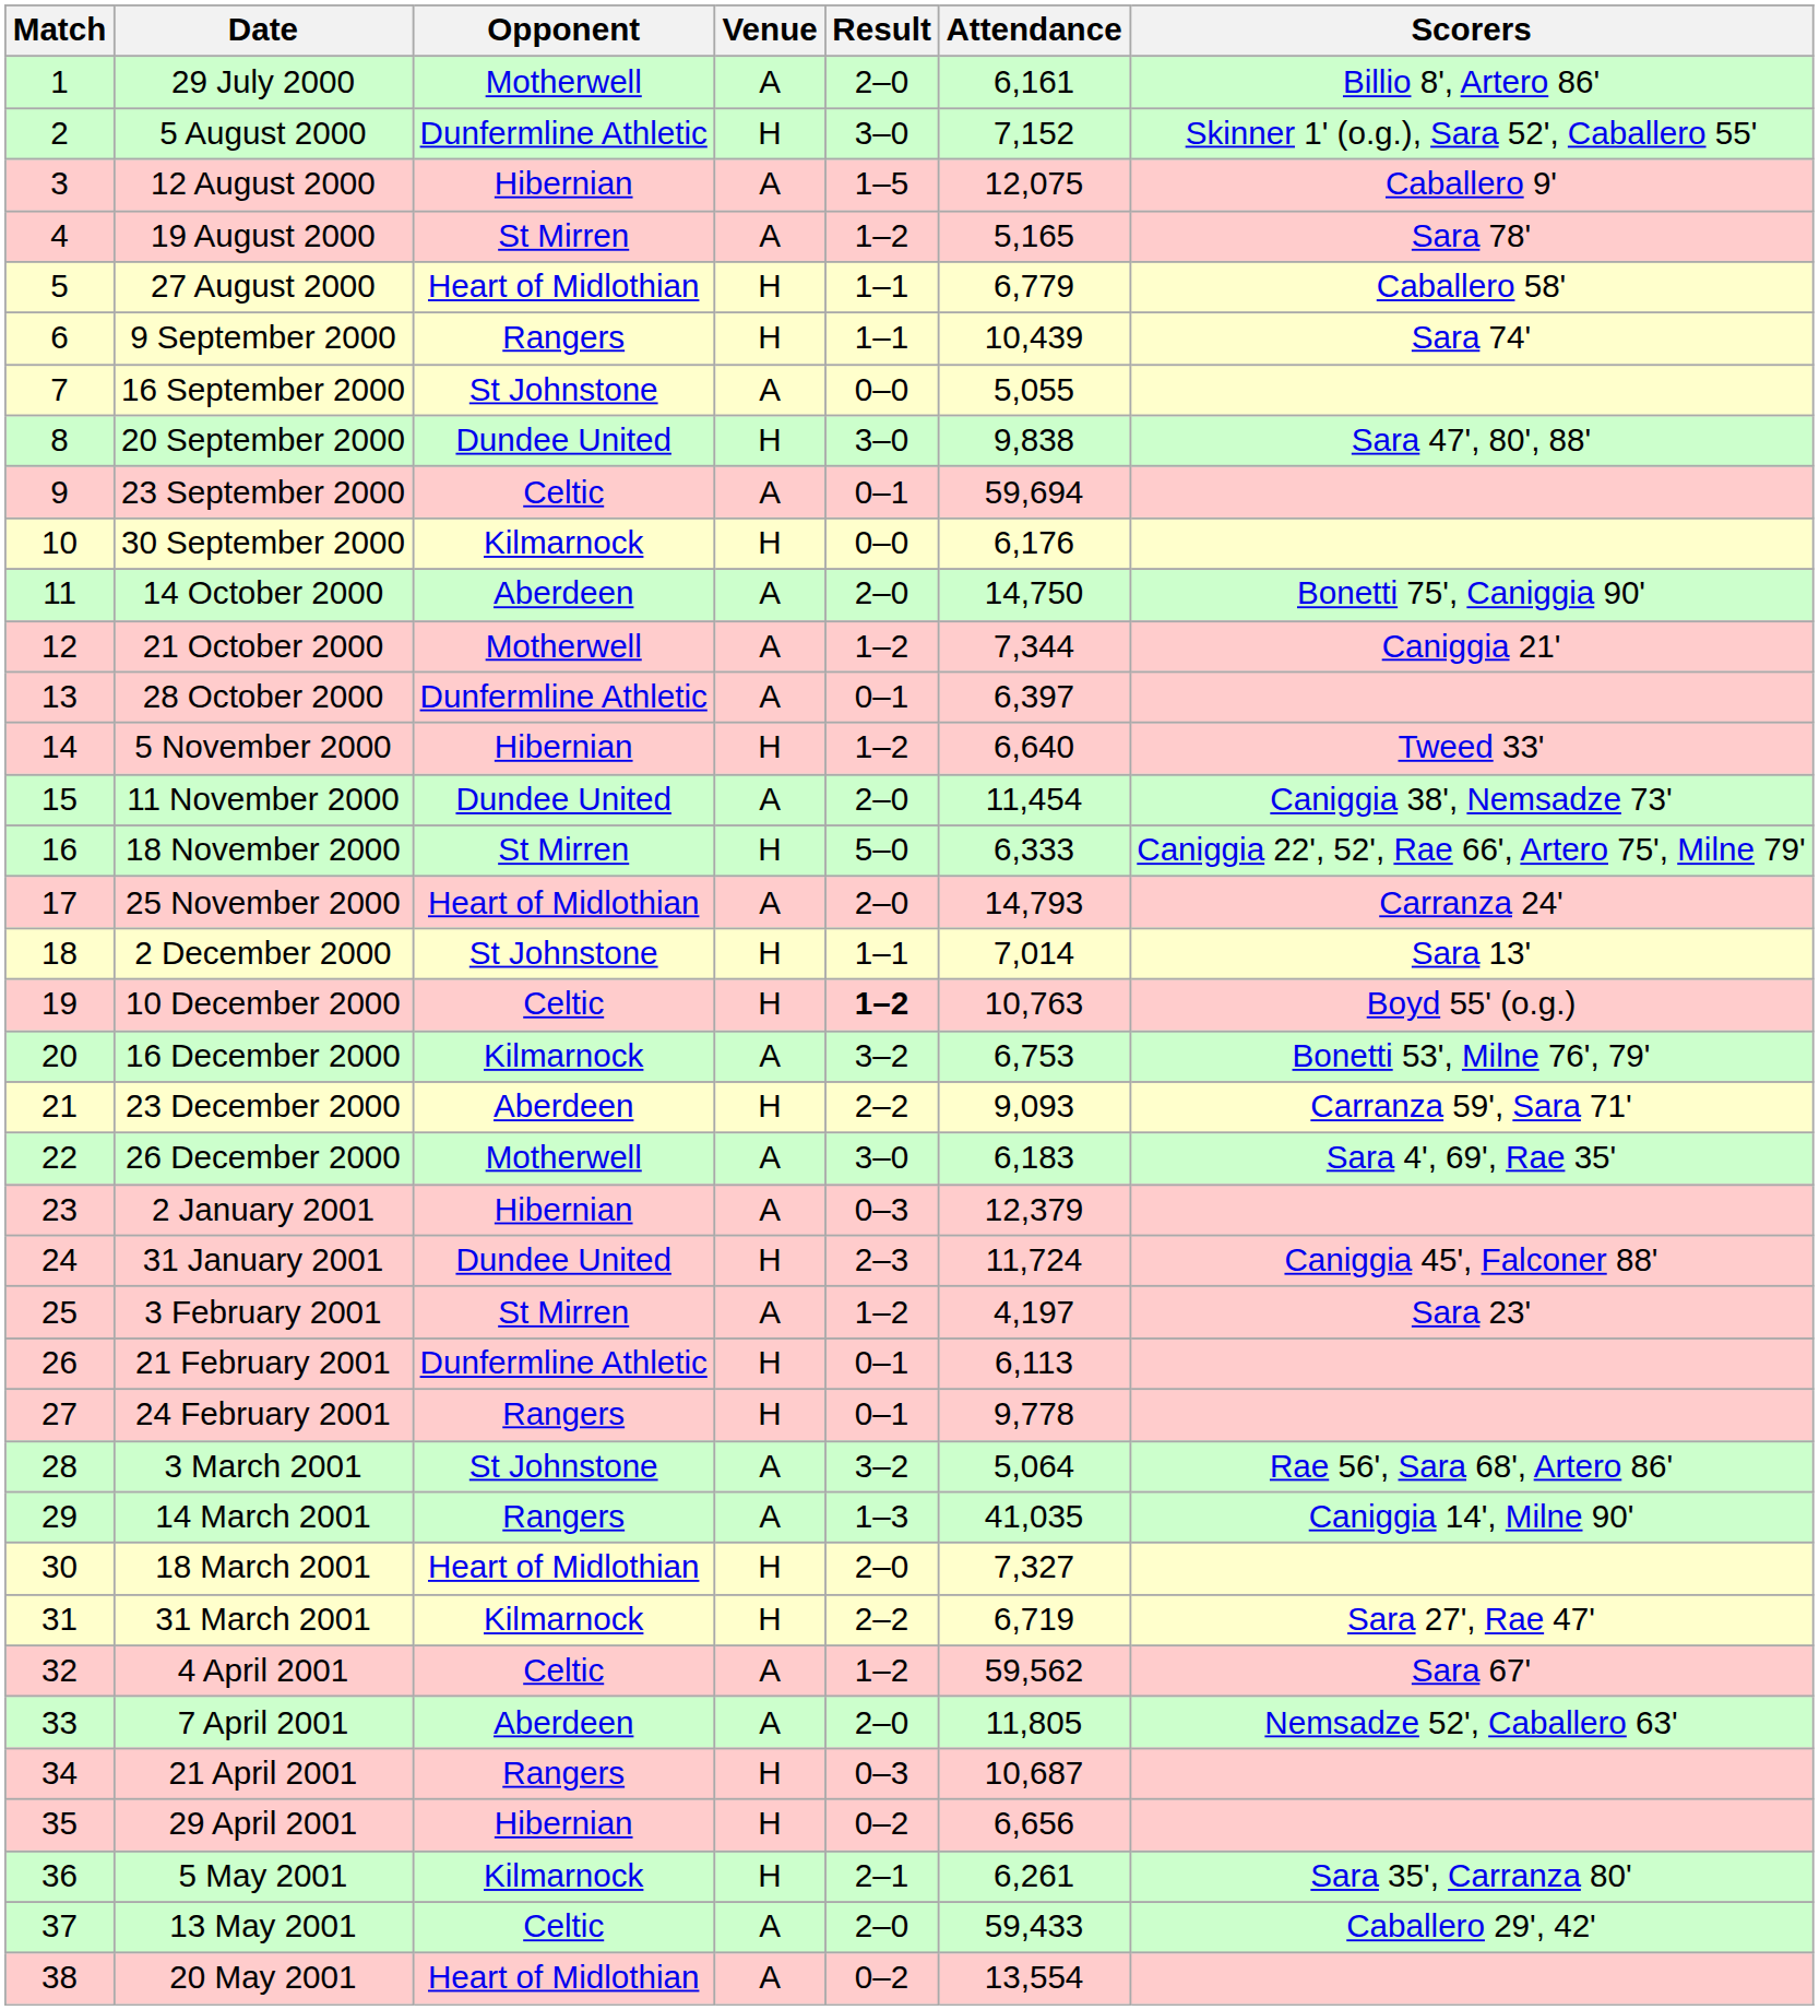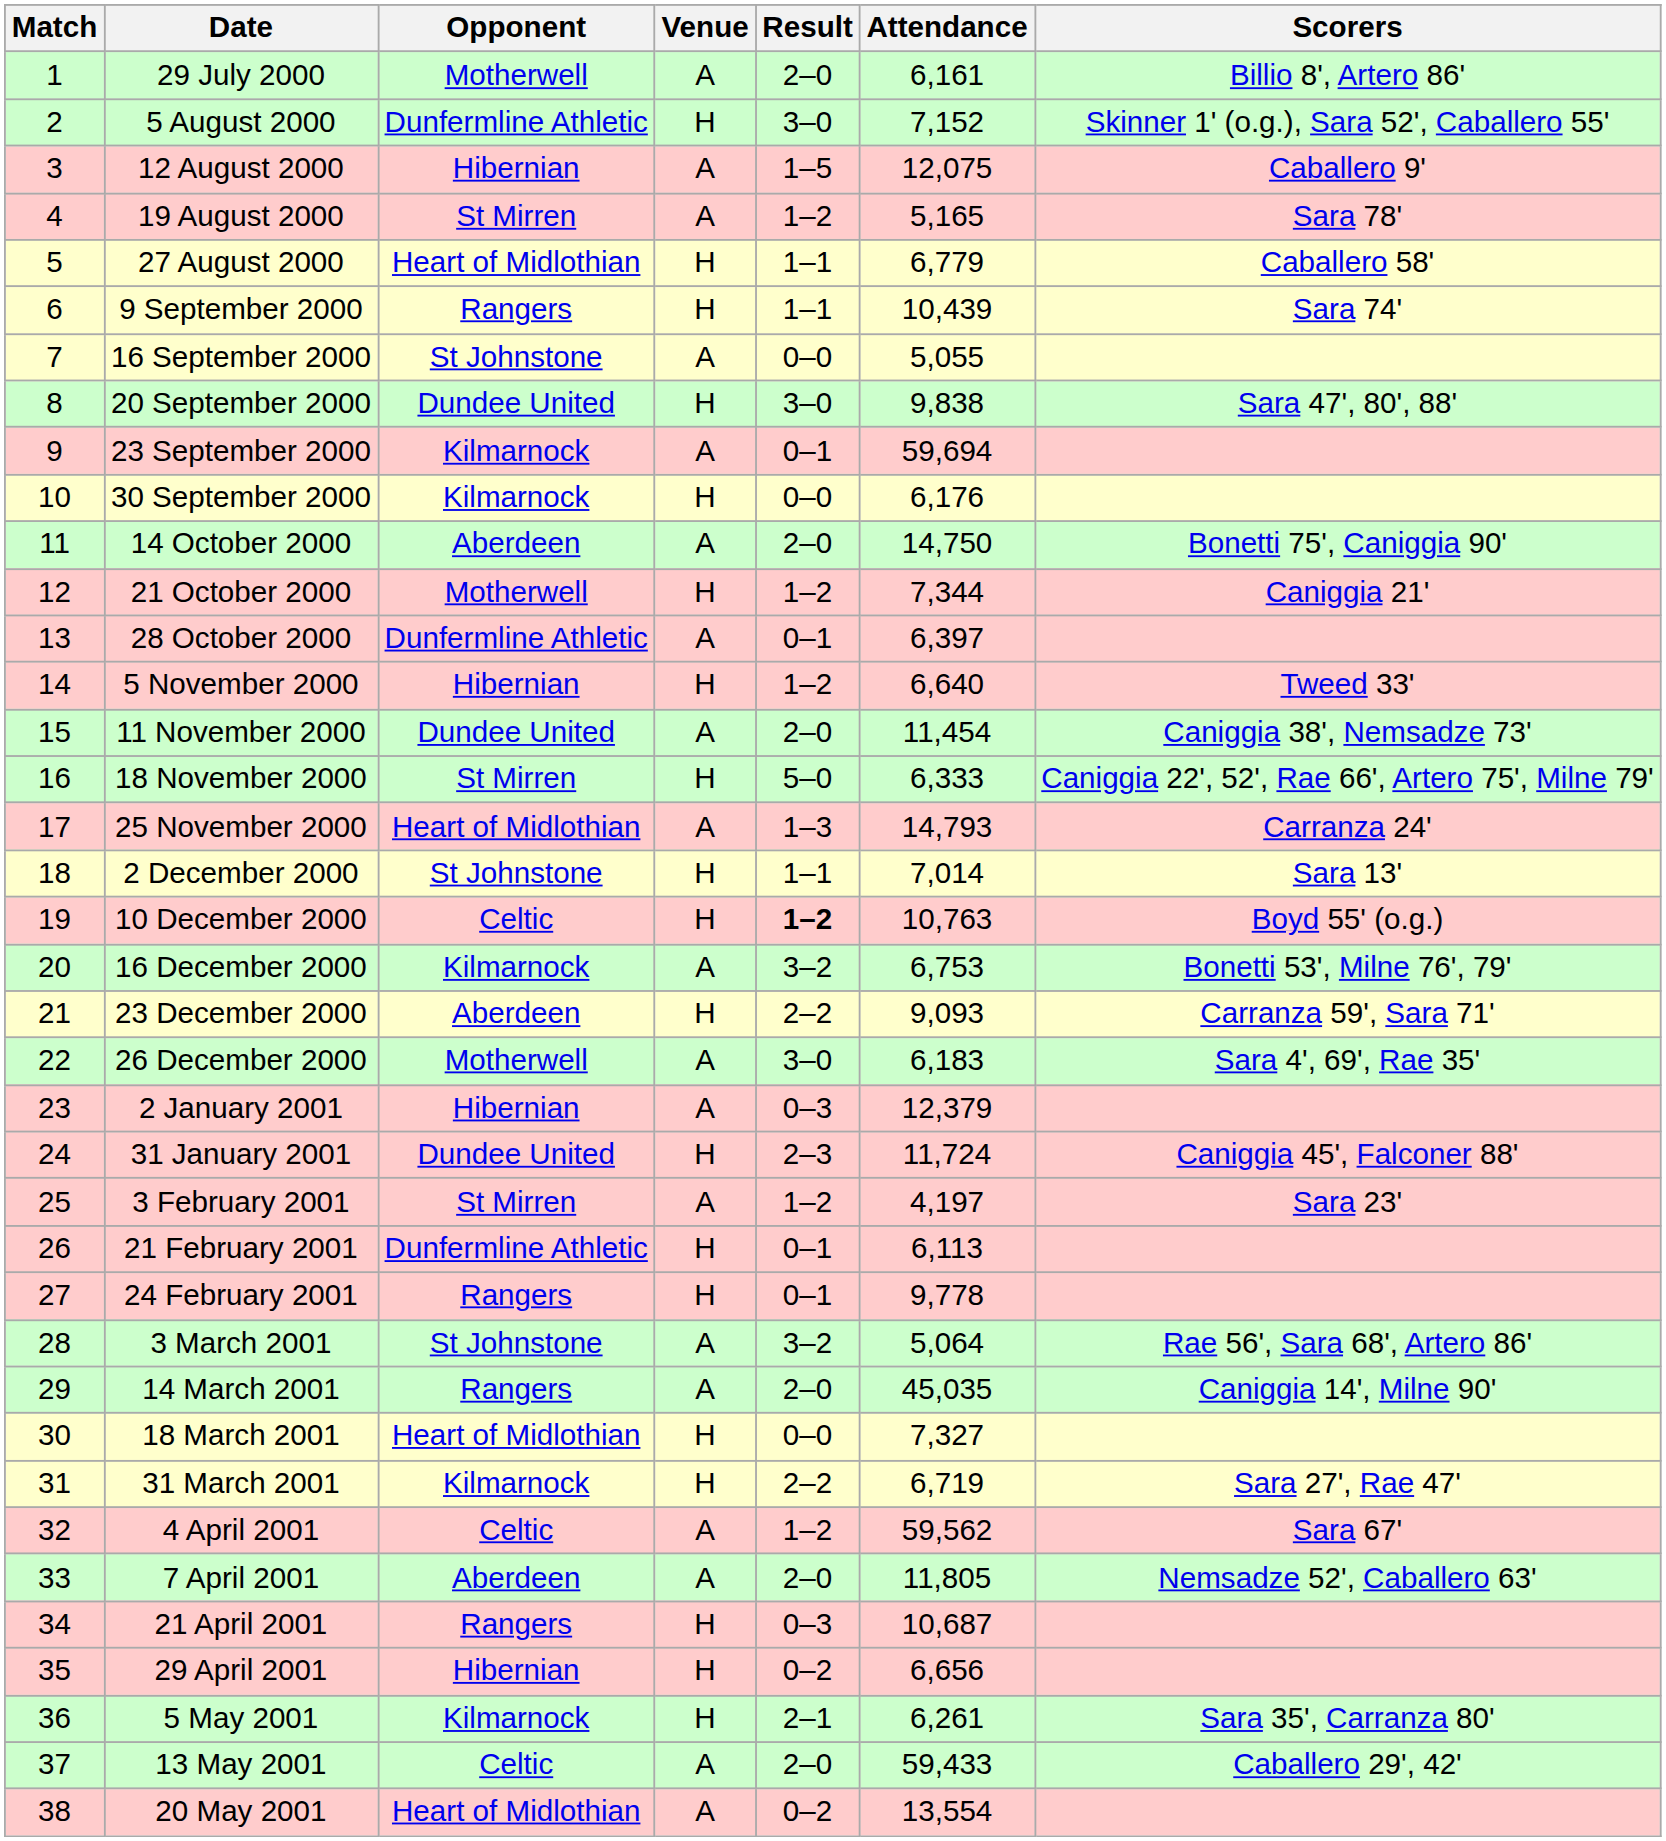 <table class="wikitable" style="font-size:100%; text-align:center">
 <tr>
 <th>Match</th>
 <th>Date</th>
 <th>Opponent</th>
 <th>Venue</th>
 <th>Result</th>
 <th>Attendance</th>
 <th>Scorers</th>
 </tr>
 <tr style="background: #CCFFCC;">
 <td>1</td>
 <td>29 July 2000</td>
 <td><a href='#'>Motherwell</a></td>
 <td>A</td>
 <td>2–0</td>
 <td>6,161</td>
 <td><a href='#'>Billio</a> 8', <a href='#'>Artero</a> 86'</td>
 </tr>
 <tr style="background: #CCFFCC;">
 <td>2</td>
 <td>5 August 2000</td>
 <td><a href='#'>Dunfermline Athletic</a></td>
 <td>H</td>
 <td>3–0</td>
 <td>7,152</td>
 <td><a href='#'>Skinner</a> 1' (o.g.), <a href='#'>Sara</a> 52', <a href='#'>Caballero</a> 55'</td>
 </tr>
 <tr style="background: #FFCCCC;">
 <td>3</td>
 <td>12 August 2000</td>
 <td><a href='#'>Hibernian</a></td>
 <td>A</td>
 <td>1–5</td>
 <td>12,075</td>
 <td><a href='#'>Caballero</a> 9'</td>
 </tr>
 <tr style="background: #FFCCCC;">
 <td>4</td>
 <td>19 August 2000</td>
 <td><a href='#'>St Mirren</a></td>
 <td>A</td>
 <td>1–2</td>
 <td>5,165</td>
 <td><a href='#'>Sara</a> 78'</td>
 </tr>
 <tr style="background: #FFFFCC;">
 <td>5</td>
 <td>27 August 2000</td>
 <td><a href='#'>Heart of Midlothian</a></td>
 <td>H</td>
 <td>1–1</td>
 <td>6,779</td>
 <td><a href='#'>Caballero</a> 58'</td>
 </tr>
 <tr style="background: #FFFFCC;">
 <td>6</td>
 <td>9 September 2000</td>
 <td><a href='#'>Rangers</a></td>
 <td>H</td>
 <td>1–1</td>
 <td>10,439</td>
 <td><a href='#'>Sara</a> 74'</td>
 </tr>
 <tr style="background: #FFFFCC;">
 <td>7</td>
 <td>16 September 2000</td>
 <td><a href='#'>St Johnstone</a></td>
 <td>A</td>
 <td>0–0</td>
 <td>5,055</td>
 <td></td>
 </tr>
 <tr style="background: #CCFFCC;">
 <td>8</td>
 <td>20 September 2000</td>
 <td><a href='#'>Dundee United</a></td>
 <td>H</td>
 <td>3–0</td>
 <td>9,838</td>
 <td><a href='#'>Sara</a> 47', 80', 88'</td>
 </tr>
 <tr style="background: #FFCCCC;">
 <td>9</td>
 <td>23 September 2000</td>
-<td><a href='#'>Celtic</a></td>
+<td><a href='#'>Kilmarnock</a></td>
 <td>A</td>
 <td>0–1</td>
 <td>59,694</td>
 <td></td>
 </tr>
 <tr style="background: #FFFFCC;">
 <td>10</td>
 <td>30 September 2000</td>
 <td><a href='#'>Kilmarnock</a></td>
 <td>H</td>
 <td>0–0</td>
 <td>6,176</td>
 <td></td>
 </tr>
 <tr style="background: #CCFFCC;">
 <td>11</td>
 <td>14 October 2000</td>
 <td><a href='#'>Aberdeen</a></td>
 <td>A</td>
 <td>2–0</td>
 <td>14,750</td>
 <td><a href='#'>Bonetti</a> 75', <a href='#'>Caniggia</a> 90'</td>
 </tr>
 <tr style="background: #FFCCCC;">
 <td>12</td>
 <td>21 October 2000</td>
 <td><a href='#'>Motherwell</a></td>
-<td>A</td>
+<td>H</td>
 <td>1–2</td>
 <td>7,344</td>
 <td><a href='#'>Caniggia</a> 21'</td>
 </tr>
 <tr style="background: #FFCCCC;">
 <td>13</td>
 <td>28 October 2000</td>
 <td><a href='#'>Dunfermline Athletic</a></td>
 <td>A</td>
 <td>0–1</td>
 <td>6,397</td>
 <td></td>
 </tr>
 <tr style="background: #FFCCCC;">
 <td>14</td>
 <td>5 November 2000</td>
 <td><a href='#'>Hibernian</a></td>
 <td>H</td>
 <td>1–2</td>
 <td>6,640</td>
 <td><a href='#'>Tweed</a> 33'</td>
 </tr>
 <tr style="background: #CCFFCC;">
 <td>15</td>
 <td>11 November 2000</td>
 <td><a href='#'>Dundee United</a></td>
 <td>A</td>
 <td>2–0</td>
 <td>11,454</td>
 <td><a href='#'>Caniggia</a> 38', <a href='#'>Nemsadze</a> 73'</td>
 </tr>
 <tr style="background: #CCFFCC;">
 <td>16</td>
 <td>18 November 2000</td>
 <td><a href='#'>St Mirren</a></td>
 <td>H</td>
 <td>5–0</td>
 <td>6,333</td>
 <td><a href='#'>Caniggia</a> 22', 52', <a href='#'>Rae</a> 66', <a href='#'>Artero</a> 75', <a href='#'>Milne</a> 79'</td>
 </tr>
 <tr style="background: #FFCCCC;">
 <td>17</td>
 <td>25 November 2000</td>
 <td><a href='#'>Heart of Midlothian</a></td>
 <td>A</td>
-<td>2–0</td>
+<td>1–3</td>
 <td>14,793</td>
 <td><a href='#'>Carranza</a> 24'</td>
 </tr>
 <tr style="background: #FFFFCC;">
 <td>18</td>
 <td>2 December 2000</td>
 <td><a href='#'>St Johnstone</a></td>
 <td>H</td>
 <td>1–1</td>
 <td>7,014</td>
 <td><a href='#'>Sara</a> 13'</td>
 </tr>
 <tr style="background: #FFCCCC;">
 <td>19</td>
 <td>10 December 2000</td>
 <td><a href='#'>Celtic</a></td>
 <td>H</td>
 <td><strong>1–2</strong></td>
 <td>10,763</td>
 <td><a href='#'>Boyd</a> 55' (o.g.)</td>
 </tr>
 <tr style="background: #CCFFCC;">
 <td>20</td>
 <td>16 December 2000</td>
 <td><a href='#'>Kilmarnock</a></td>
 <td>A</td>
 <td>3–2</td>
 <td>6,753</td>
 <td><a href='#'>Bonetti</a> 53', <a href='#'>Milne</a> 76', 79'</td>
 </tr>
 <tr style="background: #FFFFCC;">
 <td>21</td>
 <td>23 December 2000</td>
 <td><a href='#'>Aberdeen</a></td>
 <td>H</td>
 <td>2–2</td>
 <td>9,093</td>
 <td><a href='#'>Carranza</a> 59', <a href='#'>Sara</a> 71'</td>
 </tr>
 <tr style="background: #CCFFCC;">
 <td>22</td>
 <td>26 December 2000</td>
 <td><a href='#'>Motherwell</a></td>
 <td>A</td>
 <td>3–0</td>
 <td>6,183</td>
 <td><a href='#'>Sara</a> 4', 69', <a href='#'>Rae</a> 35'</td>
 </tr>
 <tr style="background: #FFCCCC;">
 <td>23</td>
 <td>2 January 2001</td>
 <td><a href='#'>Hibernian</a></td>
 <td>A</td>
 <td>0–3</td>
 <td>12,379</td>
 <td></td>
 </tr>
 <tr style="background: #FFCCCC;">
 <td>24</td>
 <td>31 January 2001</td>
 <td><a href='#'>Dundee United</a></td>
 <td>H</td>
 <td>2–3</td>
 <td>11,724</td>
 <td><a href='#'>Caniggia</a> 45', <a href='#'>Falconer</a> 88'</td>
 </tr>
 <tr style="background: #FFCCCC;">
 <td>25</td>
 <td>3 February 2001</td>
 <td><a href='#'>St Mirren</a></td>
 <td>A</td>
 <td>1–2</td>
 <td>4,197</td>
 <td><a href='#'>Sara</a> 23'</td>
 </tr>
 <tr style="background: #FFCCCC;">
 <td>26</td>
 <td>21 February 2001</td>
 <td><a href='#'>Dunfermline Athletic</a></td>
 <td>H</td>
 <td>0–1</td>
 <td>6,113</td>
 <td></td>
 </tr>
 <tr style="background: #FFCCCC;">
 <td>27</td>
 <td>24 February 2001</td>
 <td><a href='#'>Rangers</a></td>
 <td>H</td>
 <td>0–1</td>
 <td>9,778</td>
 <td></td>
 </tr>
 <tr style="background: #CCFFCC;">
 <td>28</td>
 <td>3 March 2001</td>
 <td><a href='#'>St Johnstone</a></td>
 <td>A</td>
 <td>3–2</td>
 <td>5,064</td>
 <td><a href='#'>Rae</a> 56', <a href='#'>Sara</a> 68', <a href='#'>Artero</a> 86'</td>
 </tr>
 <tr style="background: #CCFFCC;">
 <td>29</td>
 <td>14 March 2001</td>
 <td><a href='#'>Rangers</a></td>
 <td>A</td>
-<td>1–3</td>
-<td>41,035</td>
+<td>2–0</td>
+<td>45,035</td>
 <td><a href='#'>Caniggia</a> 14', <a href='#'>Milne</a> 90'</td>
 </tr>
 <tr style="background: #FFFFCC;">
 <td>30</td>
 <td>18 March 2001</td>
 <td><a href='#'>Heart of Midlothian</a></td>
 <td>H</td>
-<td>2–0</td>
+<td>0–0</td>
 <td>7,327</td>
 <td></td>
 </tr>
 <tr style="background: #FFFFCC;">
 <td>31</td>
 <td>31 March 2001</td>
 <td><a href='#'>Kilmarnock</a></td>
 <td>H</td>
 <td>2–2</td>
 <td>6,719</td>
 <td><a href='#'>Sara</a> 27', <a href='#'>Rae</a> 47'</td>
 </tr>
 <tr style="background: #FFCCCC;">
 <td>32</td>
 <td>4 April 2001</td>
 <td><a href='#'>Celtic</a></td>
 <td>A</td>
 <td>1–2</td>
 <td>59,562</td>
 <td><a href='#'>Sara</a> 67'</td>
 </tr>
 <tr style="background: #CCFFCC;">
 <td>33</td>
 <td>7 April 2001</td>
 <td><a href='#'>Aberdeen</a></td>
 <td>A</td>
 <td>2–0</td>
 <td>11,805</td>
 <td><a href='#'>Nemsadze</a> 52', <a href='#'>Caballero</a> 63'</td>
 </tr>
 <tr style="background: #FFCCCC;">
 <td>34</td>
 <td>21 April 2001</td>
 <td><a href='#'>Rangers</a></td>
 <td>H</td>
 <td>0–3</td>
 <td>10,687</td>
 <td></td>
 </tr>
 <tr style="background: #FFCCCC;">
 <td>35</td>
 <td>29 April 2001</td>
 <td><a href='#'>Hibernian</a></td>
 <td>H</td>
 <td>0–2</td>
 <td>6,656</td>
 <td></td>
 </tr>
 <tr style="background: #CCFFCC;">
 <td>36</td>
 <td>5 May 2001</td>
 <td><a href='#'>Kilmarnock</a></td>
 <td>H</td>
 <td>2–1</td>
 <td>6,261</td>
 <td><a href='#'>Sara</a> 35', <a href='#'>Carranza</a> 80'</td>
 </tr>
 <tr style="background: #CCFFCC;">
 <td>37</td>
 <td>13 May 2001</td>
 <td><a href='#'>Celtic</a></td>
 <td>A</td>
 <td>2–0</td>
 <td>59,433</td>
 <td><a href='#'>Caballero</a> 29', 42'</td>
 </tr>
 <tr style="background: #FFCCCC;">
 <td>38</td>
 <td>20 May 2001</td>
 <td><a href='#'>Heart of Midlothian</a></td>
 <td>A</td>
 <td>0–2</td>
 <td>13,554</td>
 <td></td>
 </tr>
 </table>
